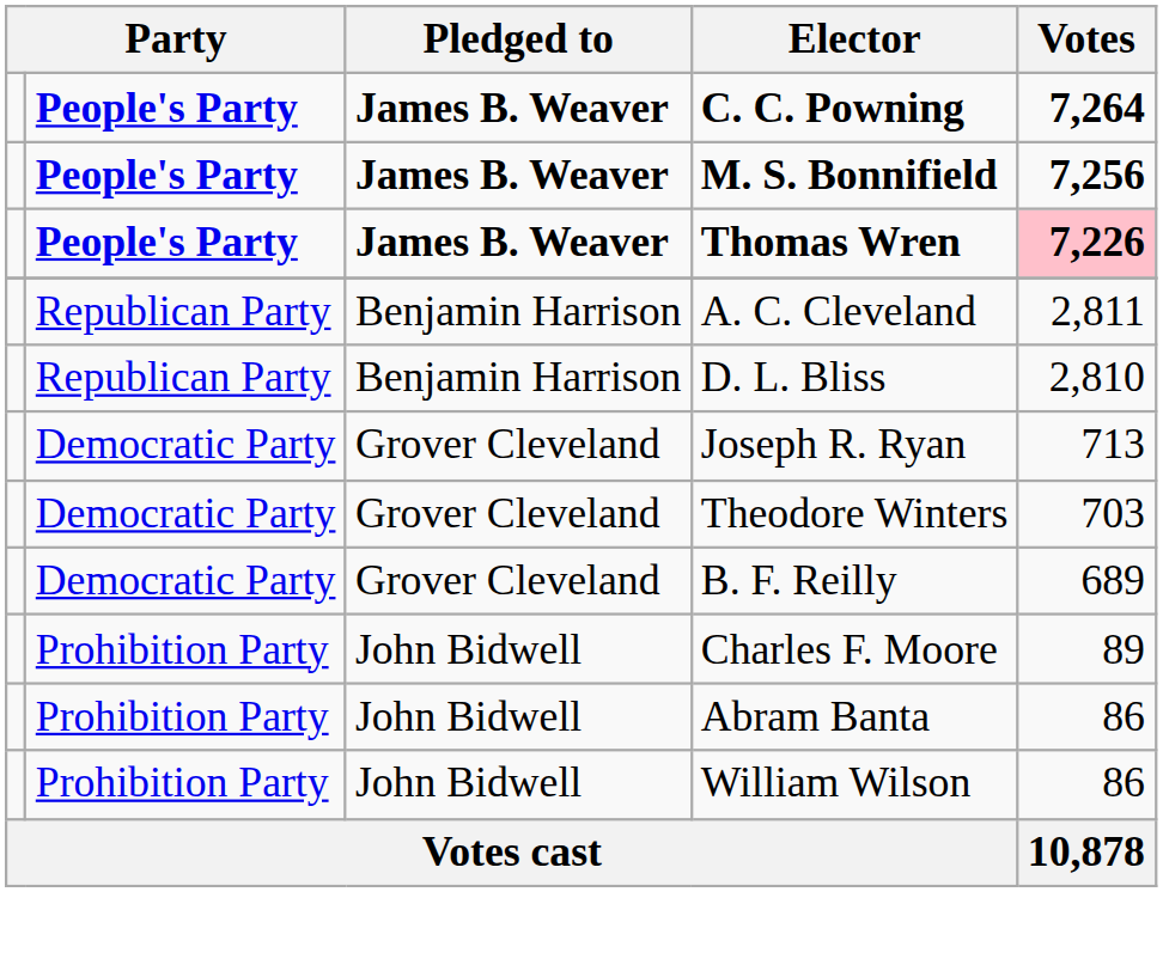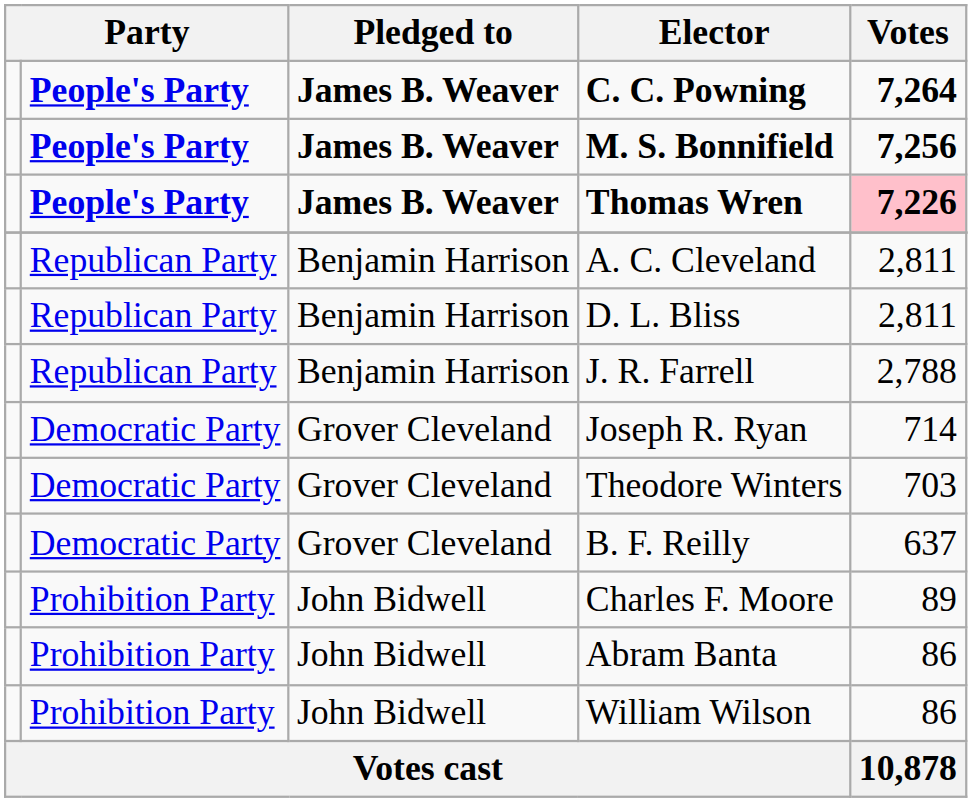 <table class="wikitable">
 <tr>
 <th colspan=2>Party</th>
 <th>Pledged to</th>
 <th>Elector</th>
 <th>Votes</th>
 </tr>
 <tr style="font-weight:bold">
 <td></td>
 <td><a href='#'>People's Party</a></td>
 <td>James B. Weaver</td>
 <td>C. C. Powning</td>
 <td align="right">7,264</td>
 </tr>
 <tr style="font-weight:bold">
 <td></td>
 <td><a href='#'>People's Party</a></td>
 <td>James B. Weaver</td>
 <td>M. S. Bonnifield</td>
 <td align="right">7,256</td>
 </tr>
 <tr style="font-weight:bold">
 <td></td>
 <td><a href='#'>People's Party</a></td>
 <td>James B. Weaver</td>
 <td>Thomas Wren</td>
 <td align="right" style="background: pink;">7,226</td>
 </tr>
 <tr style="font-weight:bold">
 </tr>
 <tr>
 <td></td>
 <td><a href='#'>Republican Party</a></td>
 <td>Benjamin Harrison</td>
 <td>A. C. Cleveland</td>
 <td align="right">2,811</td>
 </tr>
 <tr>
 <td></td>
 <td><a href='#'>Republican Party</a></td>
 <td>Benjamin Harrison</td>
 <td>D. L. Bliss</td>
-<td align="right">2,810</td>
+<td align="right">2,811</td>
+</tr>
+<tr>
+<td></td>
+<td><a href='#'>Republican Party</a></td>
+<td>Benjamin Harrison</td>
+<td>J. R. Farrell</td>
+<td align="right">2,788</td>
 </tr>
 <tr>
 <td></td>
 <td><a href='#'>Democratic Party</a></td>
 <td>Grover Cleveland</td>
 <td>Joseph R. Ryan</td>
-<td align="right">713</td>
+<td align="right">714</td>
 </tr>
 <tr>
 <td></td>
 <td><a href='#'>Democratic Party</a></td>
 <td>Grover Cleveland</td>
 <td>Theodore Winters</td>
 <td align="right">703</td>
 </tr>
 <tr>
 <td></td>
 <td><a href='#'>Democratic Party</a></td>
 <td>Grover Cleveland</td>
 <td>B. F. Reilly</td>
-<td align="right">689</td>
+<td align="right">637</td>
 </tr>
 <tr>
 <td></td>
 <td><a href='#'>Prohibition Party</a></td>
 <td>John Bidwell</td>
 <td>Charles F. Moore</td>
 <td align="right">89</td>
 </tr>
 <tr>
 <td></td>
 <td><a href='#'>Prohibition Party</a></td>
 <td>John Bidwell</td>
 <td>Abram Banta</td>
 <td align="right">86</td>
 </tr>
 <tr>
 <td></td>
 <td><a href='#'>Prohibition Party</a></td>
 <td>John Bidwell</td>
 <td>William Wilson</td>
 <td align="right">86</td>
 </tr>
 <tr>
 <th colspan="4">Votes cast</th>
 <th>10,878</th>
 </tr>
 </table>
